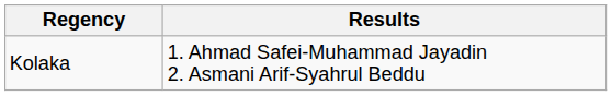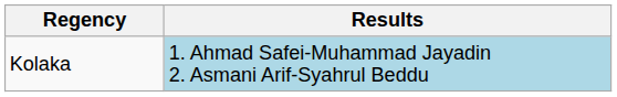 <table class="wikitable sortable" style="text-align: center;">
 <tr style="text-align: center;">
 <th style="width: 120px;">Regency</th>
 <th style="width: 350px;">Results</th>
 </tr>
 <tr>
 <td style="text-align: left;">Kolaka</td>
-<td style="text-align: left;">1. Ahmad Safei-Muhammad Jayadin<br>2. Asmani Arif-Syahrul Beddu</td>
+<td style="background: lightblue; text-align: left;">1. Ahmad Safei-Muhammad Jayadin<br>2. Asmani Arif-Syahrul Beddu</td>
 </tr>
 </table>
